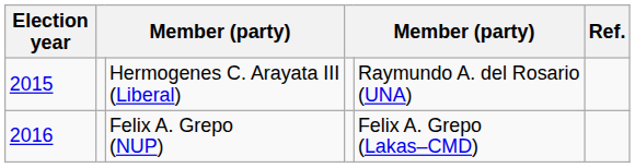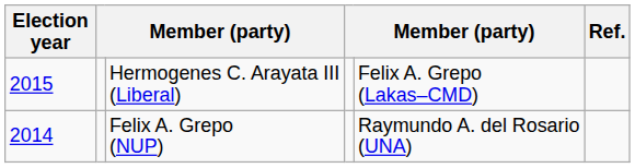 <table class="wikitable" style="font-size:90%">
 <tr>
 <th width="60px">Election<br>year</th>
 <th colspan="2" width="140px">Member (party)</th>
 <th colspan="2" width="140px">Member (party)</th>
 <th>Ref.</th>
 </tr>
 <tr>
 <td><a href='#'>2015</a></td>
 <td></td>
 <td>Hermogenes C. Arayata III<br>(<a href='#'>Liberal</a>)</td>
 <td></td>
+<td>Felix A. Grepo<br>(<a href='#'>Lakas–CMD</a>)</td>
+<td></td>
+</tr>
+<tr>
+<td><a href='#'>2014</a></td>
+<td></td>
+<td>Felix A. Grepo<br>(<a href='#'>NUP</a>)</td>
+<td></td>
 <td>Raymundo A. del Rosario<br>(<a href='#'>UNA</a>)</td>
 <td></td>
 </tr>
-<tr>
-<td><a href='#'>2016</a></td>
-<td></td>
-<td>Felix A. Grepo<br>(<a href='#'>NUP</a>)</td>
-<td></td>
-<td>Felix A. Grepo<br>(<a href='#'>Lakas–CMD</a>)</td>
-<td></td>
-</tr>
 </table>
